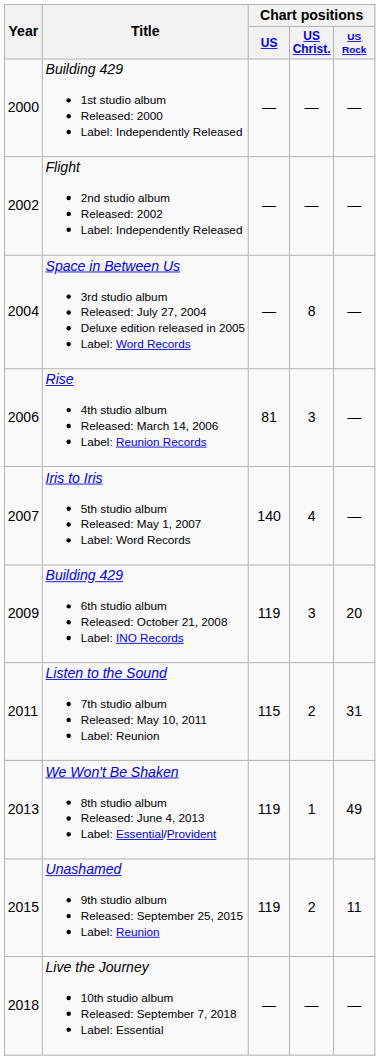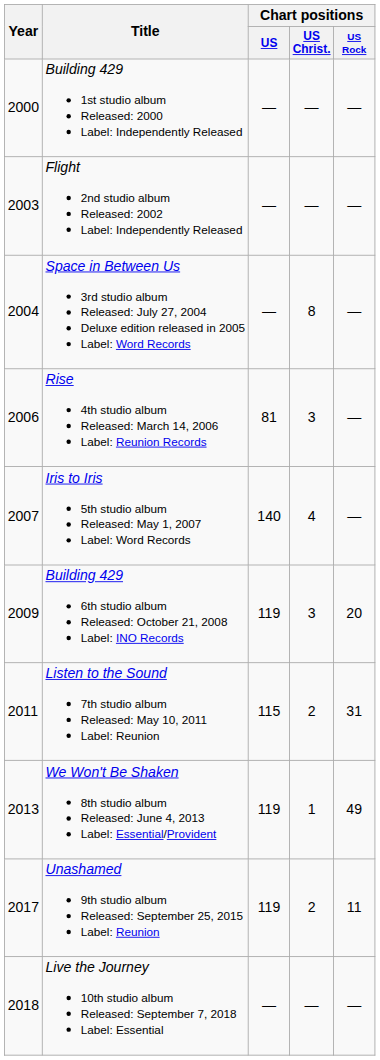 <table class="wikitable">
 <tr>
 <th rowspan="2">Year</th>
 <th rowspan="2">Title</th>
 <th colspan="3">Chart positions</th>
 </tr>
 <tr>
 <th scope="col" style="width:3em;font-size:85%;"><a href='#'>US</a><br></th>
 <th scope="col" style="width:3em;font-size:85%;"><a href='#'>US<br>Christ.</a><br></th>
 <th scope="col" style="width:3em;font-size:85%;"><small><a href='#'>US<br> Rock</a><br></small></th>
 </tr>
 <tr>
 <td>2000</td>
 <td><em>Building 429</em><br><ul><li><small>1st studio album</small></li><li><small>Released: 2000</small></li><li><small>Label: Independently Released</small></li></ul></td>
 <td align="center">—</td>
 <td align="center">—</td>
 <td align="center">—</td>
 </tr>
 <tr>
-<td>2002</td>
+<td>2003</td>
 <td><em>Flight</em><br><ul><li><small>2nd studio album</small></li><li><small>Released: 2002</small></li><li><small>Label: Independently Released</small></li></ul></td>
 <td align="center">—</td>
 <td align="center">—</td>
 <td align="center">—</td>
 </tr>
 <tr>
 <td>2004</td>
 <td><em><a href='#'>Space in Between Us</a></em><br><ul><li><small>3rd studio album</small></li><li><small>Released: July 27, 2004</small></li><li><small>Deluxe edition released in 2005</small></li><li><small>Label: <a href='#'>Word Records</a></small></li></ul></td>
 <td align="center">—</td>
 <td align="center">8</td>
 <td align="center">—</td>
 </tr>
 <tr>
 <td>2006</td>
 <td><em><a href='#'>Rise</a></em><br><ul><li><small>4th studio album</small></li><li><small>Released: March 14, 2006</small></li><li><small>Label: <a href='#'>Reunion Records</a></small></li></ul></td>
 <td align="center">81</td>
 <td align="center">3</td>
 <td align="center">—</td>
 </tr>
 <tr>
 <td>2007</td>
 <td><em><a href='#'>Iris to Iris</a></em><br><ul><li><small>5th studio album</small></li><li><small>Released: May 1, 2007</small></li><li><small>Label: Word Records</small></li></ul></td>
 <td align="center">140</td>
 <td align="center">4</td>
 <td align="center">—</td>
 </tr>
 <tr>
 <td>2009</td>
 <td><em><a href='#'>Building 429</a></em><br><ul><li><small>6th studio album</small></li><li><small>Released: October 21, 2008</small></li><li><small>Label: <a href='#'>INO Records</a></small></li></ul></td>
 <td align="center">119</td>
 <td align="center">3</td>
 <td align="center">20</td>
 </tr>
 <tr>
 <td>2011</td>
 <td><em><a href='#'>Listen to the Sound</a></em><br><ul><li><small>7th studio album</small></li><li><small>Released: May 10, 2011</small></li><li><small>Label: Reunion</small></li></ul></td>
 <td align="center">115</td>
 <td align="center">2</td>
 <td align="center">31</td>
 </tr>
 <tr>
 <td>2013</td>
 <td><em><a href='#'>We Won't Be Shaken</a></em><br><ul><li><small>8th studio album</small></li><li><small>Released: June 4, 2013</small></li><li><small>Label: <a href='#'>Essential</a>/<a href='#'>Provident</a></small></li></ul></td>
 <td align="center">119</td>
 <td align="center">1</td>
 <td align="center">49</td>
 </tr>
 <tr>
-<td>2015</td>
+<td>2017</td>
 <td><em><a href='#'>Unashamed</a></em><br><ul><li><small>9th studio album</small></li><li><small>Released: September 25, 2015</small></li><li><small>Label: <a href='#'>Reunion</a></small></li></ul></td>
 <td align="center">119</td>
 <td align="center">2</td>
 <td align="center">11</td>
 </tr>
 <tr>
 <td>2018</td>
 <td><em>Live the Journey</em><br><ul><li><small>10th studio album</small></li><li><small>Released: September 7, 2018</small></li><li><small>Label: Essential</small></li></ul></td>
 <td align="center">—</td>
 <td align="center">—</td>
 <td align="center">—</td>
 </tr>
 </table>
